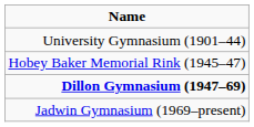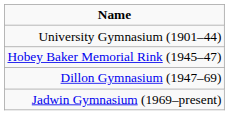 <table class="wikitable sortable" style="text-align:right">
 <tr>
 <td align="center" style="background:#f9f9f9;"><strong>Name</strong></td>
 </tr>
 <tr>
 <td>University Gymnasium (1901–44)</td>
 </tr>
 <tr>
 <td><a href='#'>Hobey Baker Memorial Rink</a> (1945–47)</td>
 </tr>
 <tr>
-<td><strong><a href='#'>Dillon Gymnasium</a> (1947–69)</strong></td>
+<td><a href='#'>Dillon Gymnasium</a> (1947–69)</td>
 </tr>
 <tr>
 <td><a href='#'>Jadwin Gymnasium</a> (1969–present)</td>
 </tr>
 </table>
